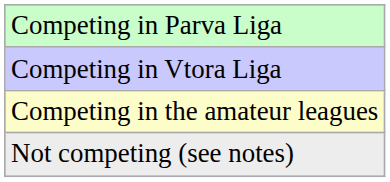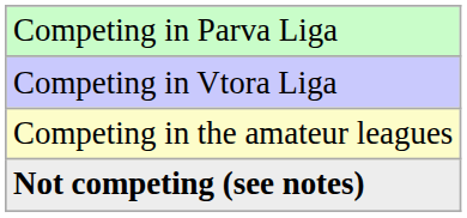 <table class="wikitable">
 <tr style="background:#c9fdc9;">
 <td>Competing in Parva Liga</td>
 </tr>
 <tr style="background:#c9c9fd;">
 <td>Competing in Vtora Liga</td>
 </tr>
 <tr style="background:#fdfdc9;">
 <td>Competing in the amateur leagues</td>
 </tr>
 <tr style="background:#ededed;">
-<td>Not competing (see notes)</td>
+<td><strong>Not competing (see notes)</strong></td>
 </tr>
 </table>
